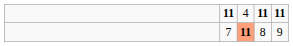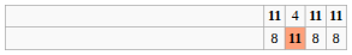 <table class="wikitable">
 <tr>
 <td style="width:18em"></td>
 <td align=center style="width:1em"><strong>11</strong></td>
 <td align=center style="width:1em">4</td>
 <td align=center style="width:1em"><strong>11</strong></td>
 <td align=center style="width:1em"><strong>11</strong></td>
 </tr>
 <tr>
 <td style="width:18em"></td>
-<td align=center style="width:1em">7</td>
+<td align=center style="width:1em">8</td>
 <td align=center style="background: lightsalmon; width:1em"><strong>11</strong></td>
 <td align=center style="width:1em">8</td>
-<td align=center style="width:1em">9</td>
+<td align=center style="width:1em">8</td>
 </tr>
 </table>
